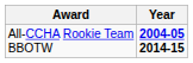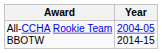 <table class="wikitable">
 <tr>
 <th>Award</th>
 <th>Year</th>
 </tr>
 <tr>
 <td>All-<a href='#'>CCHA</a> <a href='#'>Rookie Team</a><br>BBOTW</td>
-<td><strong><a href='#'>2004-05</a><br>2014-15</strong></td>
+<td><a href='#'>2004-05</a><br>2014-15</td>
 </tr>
 </table>
